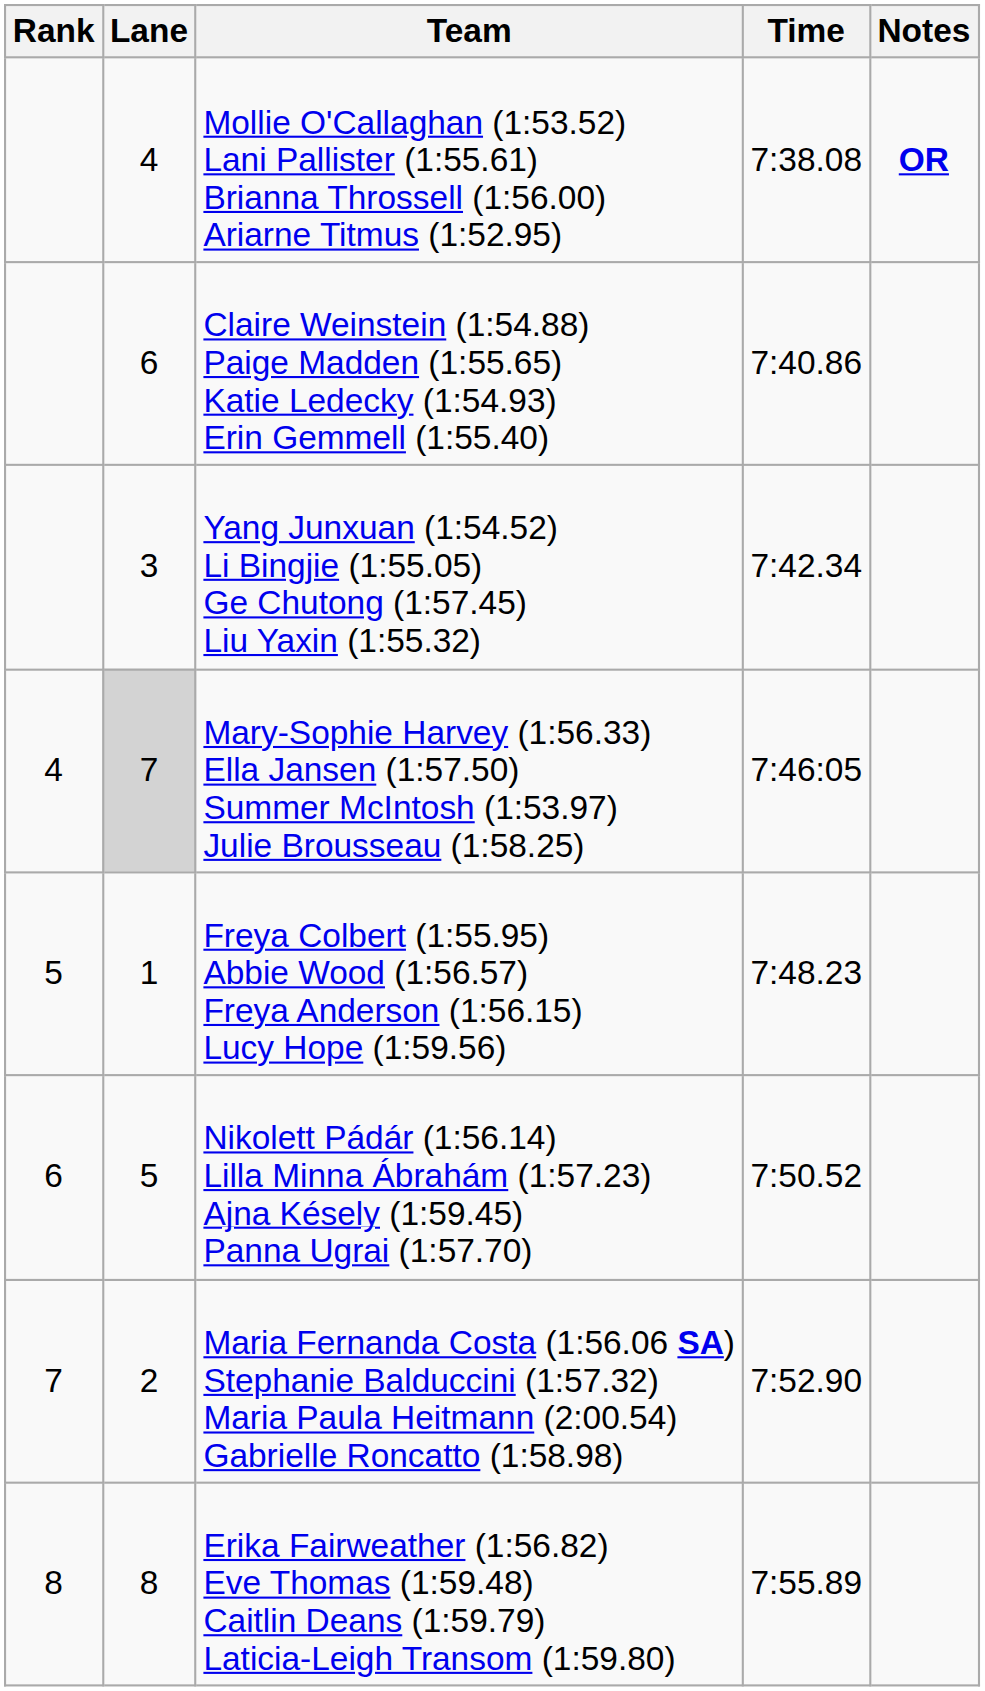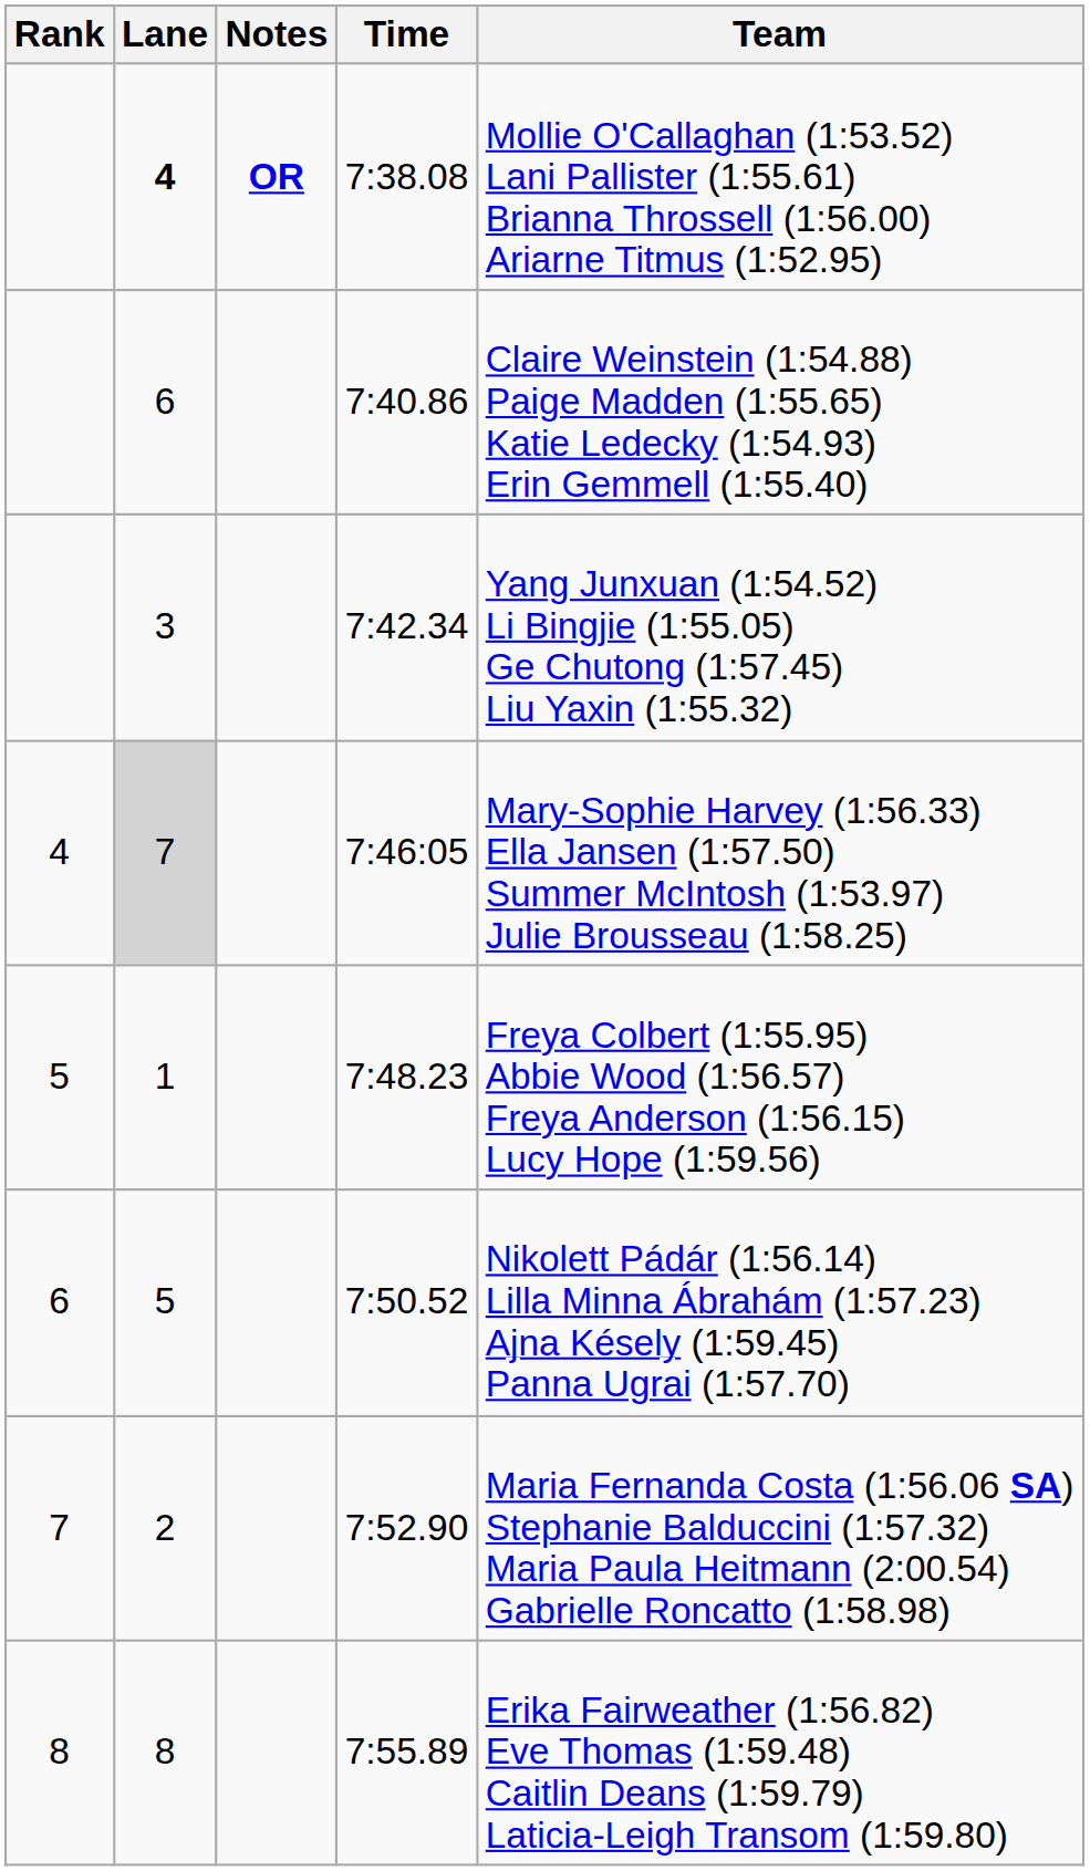 <table class="wikitable sortable mw-collapsible" style="text-align:center">
 <tr>
 <th scope="col">Rank</th>
 <th scope="col">Lane</th>
+<th scope="col">Notes</th>
+<th scope="col">Time</th>
 <th scope="col">Team</th>
-<th scope="col">Time</th>
-<th scope="col">Notes</th>
 </tr>
 <tr>
 <td></td>
-<td>4</td>
+<td><strong>4</strong></td>
+<td><strong><a href='#'>OR</a></strong></td>
+<td>7:38.08</td>
 <td align=left> <br><a href='#'>Mollie O'Callaghan</a> (1:53.52)<br><a href='#'>Lani Pallister</a> (1:55.61)<br><a href='#'>Brianna Throssell</a> (1:56.00)<br><a href='#'>Ariarne Titmus</a> (1:52.95)</td>
-<td>7:38.08</td>
-<td><strong><a href='#'>OR</a></strong></td>
 </tr>
 <tr>
 <td></td>
 <td>6</td>
+<td></td>
+<td>7:40.86</td>
 <td align=left> <br><a href='#'>Claire Weinstein</a> (1:54.88)<br><a href='#'>Paige Madden</a> (1:55.65)<br><a href='#'>Katie Ledecky</a> (1:54.93)<br><a href='#'>Erin Gemmell</a> (1:55.40)</td>
-<td>7:40.86</td>
-<td></td>
 </tr>
 <tr>
 <td></td>
 <td>3</td>
+<td></td>
+<td>7:42.34</td>
 <td align=left> <br><a href='#'>Yang Junxuan</a> (1:54.52)<br><a href='#'>Li Bingjie</a> (1:55.05)<br><a href='#'>Ge Chutong</a> (1:57.45)<br><a href='#'>Liu Yaxin</a> (1:55.32)</td>
-<td>7:42.34</td>
-<td></td>
 </tr>
 <tr>
 <td>4</td>
 <td style="background: lightgrey;">7</td>
+<td></td>
+<td>7:46:05</td>
 <td align=left> <br><a href='#'>Mary-Sophie Harvey</a> (1:56.33)<br><a href='#'>Ella Jansen</a> (1:57.50)<br><a href='#'>Summer McIntosh</a> (1:53.97)<br><a href='#'>Julie Brousseau</a> (1:58.25)</td>
-<td>7:46:05</td>
-<td></td>
 </tr>
 <tr>
 <td>5</td>
 <td>1</td>
+<td></td>
+<td>7:48.23</td>
 <td align=left> <br><a href='#'>Freya Colbert</a> (1:55.95)<br><a href='#'>Abbie Wood</a> (1:56.57)<br><a href='#'>Freya Anderson</a> (1:56.15)<br><a href='#'>Lucy Hope</a> (1:59.56)</td>
-<td>7:48.23</td>
-<td></td>
 </tr>
 <tr>
 <td>6</td>
 <td>5</td>
+<td></td>
+<td>7:50.52</td>
 <td align=left> <br><a href='#'>Nikolett Pádár</a> (1:56.14)<br><a href='#'>Lilla Minna Ábrahám</a> (1:57.23)<br><a href='#'>Ajna Késely</a> (1:59.45)<br><a href='#'>Panna Ugrai</a> (1:57.70)</td>
-<td>7:50.52</td>
-<td></td>
 </tr>
 <tr>
 <td>7</td>
 <td>2</td>
+<td></td>
+<td>7:52.90</td>
 <td align=left> <br><a href='#'>Maria Fernanda Costa</a> (1:56.06 <strong><a href='#'>SA</a></strong>)<br><a href='#'>Stephanie Balduccini</a> (1:57.32)<br><a href='#'>Maria Paula Heitmann</a> (2:00.54)<br><a href='#'>Gabrielle Roncatto</a> (1:58.98)</td>
-<td>7:52.90</td>
-<td></td>
 </tr>
 <tr>
 <td>8</td>
 <td>8</td>
+<td></td>
+<td>7:55.89</td>
 <td align=left> <br><a href='#'>Erika Fairweather</a> (1:56.82)<br><a href='#'>Eve Thomas</a> (1:59.48)<br><a href='#'>Caitlin Deans</a> (1:59.79)<br><a href='#'>Laticia-Leigh Transom</a> (1:59.80)</td>
-<td>7:55.89</td>
-<td></td>
 </tr>
 </table>
